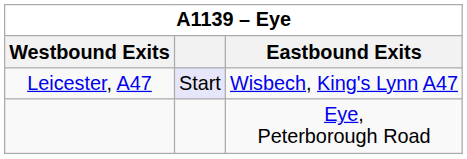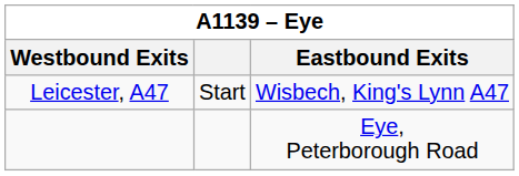 <table class="wikitable">
 <tr align="center" bgcolor="white" style="color: #black">
 <td colspan="5"><strong>A1139 – Eye</strong></td>
 </tr>
 <tr>
 <th scope=col>Westbound Exits</th>
 <th scope=col></th>
 <th scope=col>Eastbound Exits</th>
 </tr>
 <tr align="center">
 <td><a href='#'>Leicester</a>, <a href='#'>A47</a></td>
-<td style="background: lavender;">Start</td>
+<td>Start</td>
 <td><a href='#'>Wisbech</a>, <a href='#'>King's Lynn</a> <a href='#'>A47</a></td>
 </tr>
 <tr align="center">
 <td></td>
 <td></td>
 <td><a href='#'>Eye</a>,<br>Peterborough Road</td>
 </tr>
 </table>
